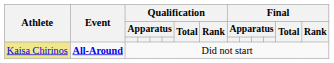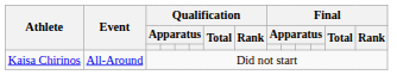 <table class="wikitable" style="font-size:90%">
 <tr>
 <th rowspan=3>Athlete</th>
 <th rowspan=3>Event</th>
 <th colspan =6>Qualification</th>
 <th colspan =6>Final</th>
 </tr>
 <tr style="font-size:95%">
 <th colspan=4>Apparatus</th>
 <th rowspan=2>Total</th>
 <th rowspan=2>Rank</th>
 <th colspan=4>Apparatus</th>
 <th rowspan=2>Total</th>
 <th rowspan=2>Rank</th>
 </tr>
 <tr style="font-size:95%">
 <th></th>
 <th></th>
 <th></th>
 <th></th>
 <th></th>
 <th></th>
 <th></th>
 <th></th>
 </tr>
 <tr align=center>
-<td align=left style="background: khaki;"><a href='#'>Kaisa Chirinos</a></td>
-<td align=left><strong><a href='#'>All-Around</a></strong></td>
+<td align=left><a href='#'>Kaisa Chirinos</a></td>
+<td align=left><a href='#'>All-Around</a></td>
 <td colspan="12">Did not start</td>
 </tr>
 </table>
